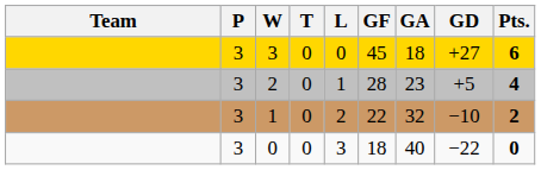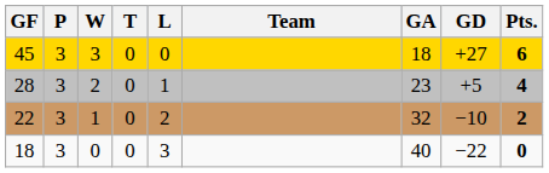 <table class="wikitable" style="margin:1em auto;">
 <tr align=center bgcolor="lightsteelblue">
-<th width=165>Team</th>
+<th width=20>GF</th>
 <th width=20>P</th>
 <th width=20>W</th>
 <th width=20>T</th>
 <th width=20>L</th>
-<th width=20>GF</th>
+<th width=165>Team</th>
 <th width=20>GA</th>
 <th width=40>GD</th>
 <th width=20>Pts.</th>
 </tr>
 <tr align=center bgcolor=gold>
-<td style="text-align:left;"><strong></strong></td>
+<td>45</td>
 <td>3</td>
 <td>3</td>
 <td>0</td>
 <td>0</td>
-<td>45</td>
+<td style="text-align:left;"><strong></strong></td>
 <td>18</td>
 <td>+27</td>
 <td><strong>6</strong></td>
 </tr>
 <tr align=center bgcolor=silver>
-<td style="text-align:left;"><strong></strong></td>
+<td>28</td>
 <td>3</td>
 <td>2</td>
 <td>0</td>
 <td>1</td>
-<td>28</td>
+<td style="text-align:left;"><strong></strong></td>
 <td>23</td>
 <td>+5</td>
 <td><strong>4</strong></td>
 </tr>
 <tr align=center bgcolor=#cc9966>
-<td style="text-align:left;"><strong></strong></td>
+<td>22</td>
 <td>3</td>
 <td>1</td>
 <td>0</td>
 <td>2</td>
-<td>22</td>
+<td style="text-align:left;"><strong></strong></td>
 <td>32</td>
 <td>−10</td>
 <td><strong>2</strong></td>
 </tr>
 <tr align=center>
-<td style="text-align:left;"></td>
+<td>18</td>
 <td>3</td>
 <td>0</td>
 <td>0</td>
 <td>3</td>
-<td>18</td>
+<td style="text-align:left;"></td>
 <td>40</td>
 <td>−22</td>
 <td><strong>0</strong></td>
 </tr>
 </table>
